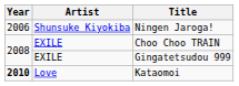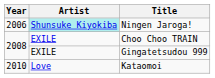 <table class="wikitable">
 <tr>
 <th>Year</th>
 <th>Artist</th>
 <th>Title</th>
 </tr>
 <tr>
 <td>2006</td>
-<td><a href='#'>Shunsuke Kiyokiba</a></td>
+<td style="background: paleturquoise;"><a href='#'>Shunsuke Kiyokiba</a></td>
 <td>Ningen Jaroga!</td>
 </tr>
 <tr>
 <td rowspan="2">2008</td>
 <td><a href='#'>EXILE</a></td>
 <td>Choo Choo TRAIN</td>
 </tr>
 <tr>
 <td>EXILE</td>
 <td>Gingatetsudou 999</td>
 </tr>
 <tr>
-<td><strong>2010</strong></td>
+<td>2010</td>
 <td><a href='#'>Love</a></td>
 <td>Kataomoi</td>
 </tr>
 </table>
